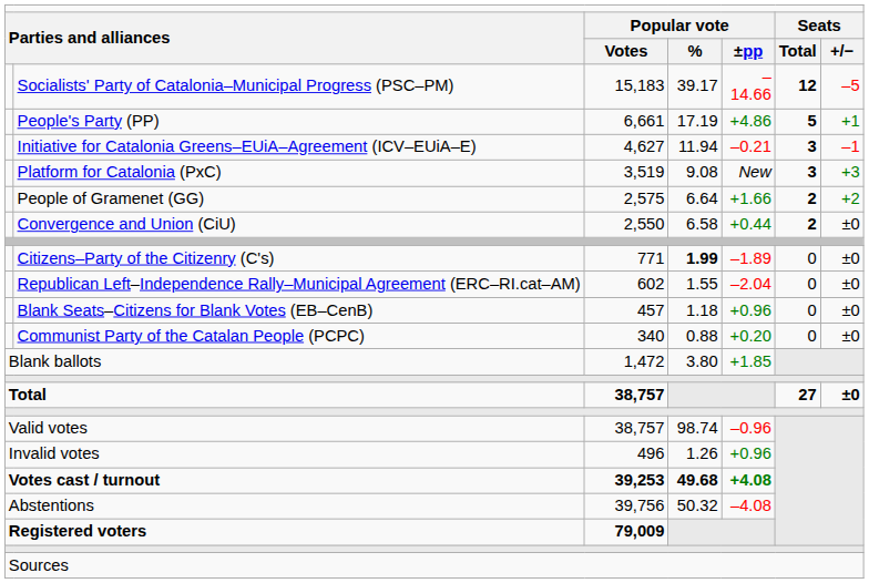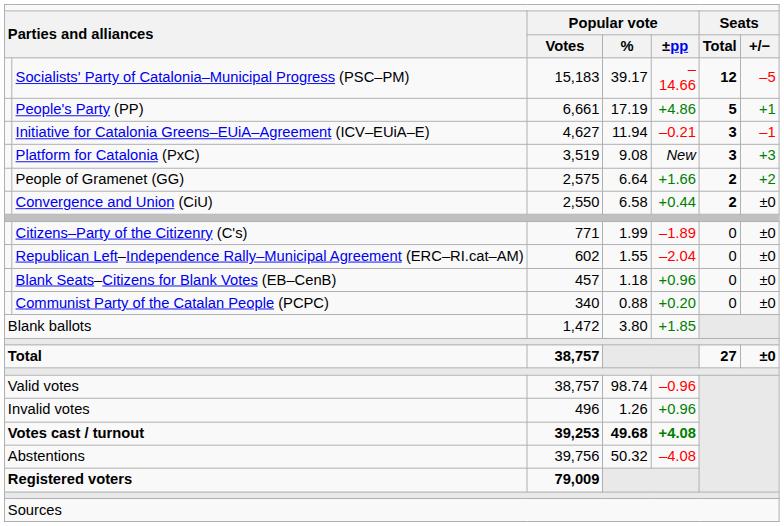 <table class="wikitable" style="text-align:right;">
 <tr>
 <td colspan="7"></td>
 </tr>
 <tr>
 <th style="text-align:left;" rowspan="2" colspan="2" width="525">Parties and alliances</th>
 <th colspan="3">Popular vote</th>
 <th colspan="2">Seats</th>
 </tr>
 <tr>
 <th width="75">Votes</th>
 <th width="45">%</th>
 <th width="45">±<a href='#'>pp</a></th>
 <th width="35">Total</th>
 <th width="35">+/−</th>
 </tr>
 <tr>
 <td width="1" style="color:inherit;background:"></td>
 <td align="left"><a href='#'>Socialists' Party of Catalonia–Municipal Progress</a> (PSC–PM)</td>
 <td>15,183</td>
 <td>39.17</td>
 <td style="color:red;">–14.66</td>
 <td><strong>12</strong></td>
 <td style="color:red;">–5</td>
 </tr>
 <tr>
 <td style="color:inherit;background:"></td>
 <td align="left"><a href='#'>People's Party</a> (PP)</td>
 <td>6,661</td>
 <td>17.19</td>
 <td style="color:green;">+4.86</td>
 <td><strong>5</strong></td>
 <td style="color:green;">+1</td>
 </tr>
 <tr>
 <td style="color:inherit;background:"></td>
 <td align="left"><a href='#'>Initiative for Catalonia Greens–EUiA–Agreement</a> (ICV–EUiA–E)</td>
 <td>4,627</td>
 <td>11.94</td>
 <td style="color:red;">–0.21</td>
 <td><strong>3</strong></td>
 <td style="color:red;">–1</td>
 </tr>
 <tr>
 <td style="color:inherit;background:"></td>
 <td align="left"><a href='#'>Platform for Catalonia</a> (PxC)</td>
 <td>3,519</td>
 <td>9.08</td>
 <td><em>New</em></td>
 <td><strong>3</strong></td>
 <td style="color:green;">+3</td>
 </tr>
 <tr>
 <td style="color:inherit;background:"></td>
 <td align="left">People of Gramenet (GG)</td>
 <td>2,575</td>
 <td>6.64</td>
 <td style="color:green;">+1.66</td>
 <td><strong>2</strong></td>
 <td style="color:green;">+2</td>
 </tr>
 <tr>
 <td style="color:inherit;background:"></td>
 <td align="left"><a href='#'>Convergence and Union</a> (CiU)</td>
 <td>2,550</td>
 <td>6.58</td>
 <td style="color:green;">+0.44</td>
 <td><strong>2</strong></td>
 <td>±0</td>
 </tr>
 <tr>
 <td colspan="7" style="color:inherit;background:#C0C0C0"></td>
 </tr>
 <tr>
 <td style="color:inherit;background:"></td>
 <td align="left"><a href='#'>Citizens–Party of the Citizenry</a> (C's)</td>
 <td>771</td>
-<td><strong>1.99</strong></td>
+<td>1.99</td>
 <td style="color:red;">–1.89</td>
 <td>0</td>
 <td>±0</td>
 </tr>
 <tr>
 <td style="color:inherit;background:"></td>
 <td align="left"><a href='#'>Republican Left</a>–<a href='#'>Independence Rally–Municipal Agreement</a> (ERC–RI.cat–AM)</td>
 <td>602</td>
 <td>1.55</td>
 <td style="color:red;">–2.04</td>
 <td>0</td>
 <td>±0</td>
 </tr>
 <tr>
 <td style="color:inherit;background:"></td>
 <td align="left"><a href='#'>Blank Seats</a>–<a href='#'>Citizens for Blank Votes</a> (EB–CenB)</td>
 <td>457</td>
 <td>1.18</td>
 <td style="color:green;">+0.96</td>
 <td>0</td>
 <td>±0</td>
 </tr>
 <tr>
 <td style="color:inherit;background:"></td>
 <td align="left"><a href='#'>Communist Party of the Catalan People</a> (PCPC)</td>
 <td>340</td>
 <td>0.88</td>
 <td style="color:green;">+0.20</td>
 <td>0</td>
 <td>±0</td>
 </tr>
 <tr>
 <td align="left" colspan="2">Blank ballots</td>
 <td>1,472</td>
 <td>3.80</td>
 <td style="color:green;">+1.85</td>
 <td style="color:inherit;background:#E9E9E9" colspan="2"></td>
 </tr>
 <tr>
 <td colspan="7" style="color:inherit;background:#E9E9E9"></td>
 </tr>
 <tr style="font-weight:bold;">
 <td align="left" colspan="2">Total</td>
 <td>38,757</td>
 <td bgcolor="#E9E9E9" colspan="2"></td>
 <td>27</td>
 <td>±0</td>
 </tr>
 <tr>
 <td colspan="7" style="color:inherit;background:#E9E9E9"></td>
 </tr>
 <tr>
 <td align="left" colspan="2">Valid votes</td>
 <td>38,757</td>
 <td>98.74</td>
 <td style="color:red;">–0.96</td>
 <td bgcolor="#E9E9E9" colspan="2" rowspan="5"></td>
 </tr>
 <tr>
 <td align="left" colspan="2">Invalid votes</td>
 <td>496</td>
 <td>1.26</td>
 <td style="color:green;">+0.96</td>
 </tr>
 <tr style="font-weight:bold;">
 <td align="left" colspan="2">Votes cast / turnout</td>
 <td>39,253</td>
 <td>49.68</td>
 <td style="color:green;">+4.08</td>
 </tr>
 <tr>
 <td align="left" colspan="2">Abstentions</td>
 <td>39,756</td>
 <td>50.32</td>
 <td style="color:red;">–4.08</td>
 </tr>
 <tr style="font-weight:bold;">
 <td align="left" colspan="2">Registered voters</td>
 <td>79,009</td>
 <td bgcolor="#E9E9E9" colspan="2"></td>
 </tr>
 <tr>
 <td colspan="7" style="color:inherit;background:#E9E9E9"></td>
 </tr>
 <tr>
 <td align="left" colspan="7">Sources</td>
 </tr>
 </table>
